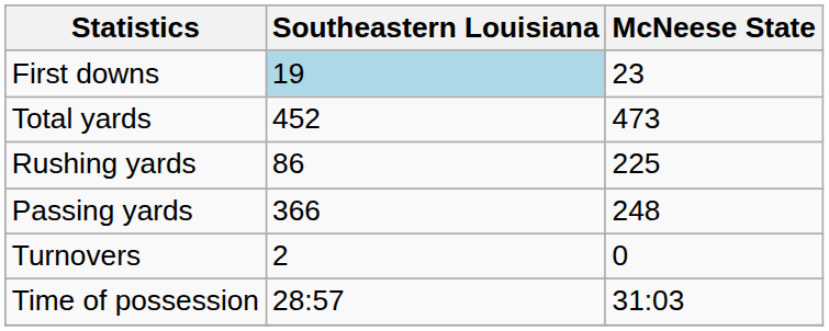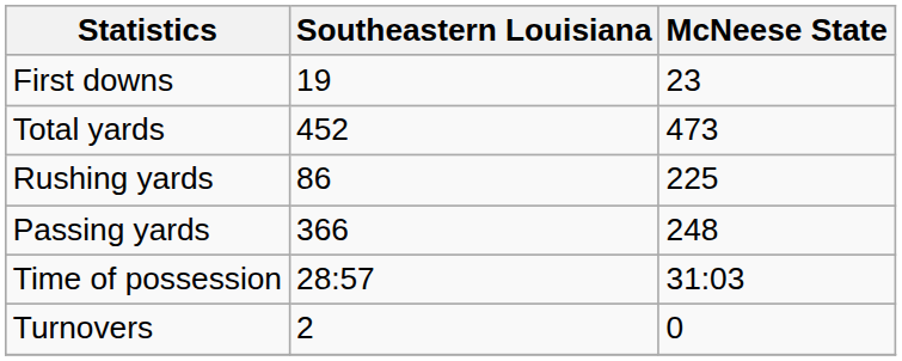 <table class="wikitable">
 <tr>
 <th>Statistics</th>
 <th>Southeastern Louisiana</th>
 <th>McNeese State</th>
 </tr>
 <tr>
 <td>First downs</td>
-<td style="background: lightblue;">19</td>
+<td>19</td>
 <td>23</td>
 </tr>
 <tr>
 <td>Total yards</td>
 <td>452</td>
 <td>473</td>
 </tr>
 <tr>
 <td>Rushing yards</td>
 <td>86</td>
 <td>225</td>
 </tr>
 <tr>
 <td>Passing yards</td>
 <td>366</td>
 <td>248</td>
 </tr>
 <tr>
+<td>Time of possession</td>
+<td>28:57</td>
+<td>31:03</td>
+</tr>
+<tr>
 <td>Turnovers</td>
 <td>2</td>
 <td>0</td>
 </tr>
 <tr>
-<td>Time of possession</td>
-<td>28:57</td>
-<td>31:03</td>
-</tr>
-<tr>
 </tr>
 </table>
